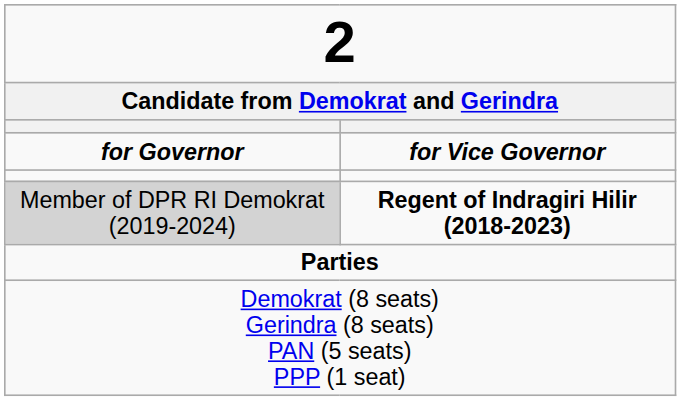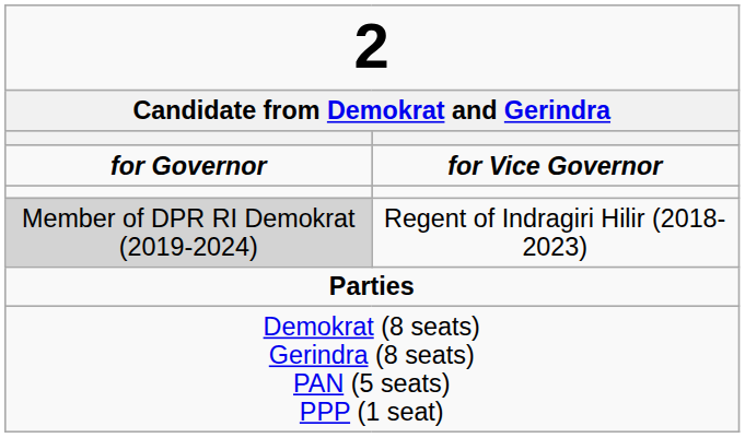 <table class="wikitable" style="font-size:90%; text-align:center;">
 <tr>
 <td colspan=2><big><big><big><big><big><strong>2</strong></big></big></big></big></big></td>
 </tr>
 <tr>
 <td colspan=2 style="background:#f1f1f1;"><strong>Candidate from <a href='#'>Demokrat</a> and <a href='#'>Gerindra</a></strong></td>
 </tr>
 <tr>
 <th style="width:3em; font-size:135%; background:#"></th>
 <th style="width:3em; font-size:135%; background:#"></th>
 </tr>
 <tr style="color:#000; font-size:100%; background:#">
 <td style="width:3em; width:200px;"><strong><em>for Governor</em></strong></td>
 <td style="width:3em; width:200px;"><strong><em>for Vice Governor</em></strong></td>
 </tr>
 <tr>
 <td></td>
 <td></td>
 </tr>
 <tr>
 <td style="background: lightgrey;">Member of DPR RI Demokrat (2019-2024)</td>
-<td><strong>Regent of Indragiri Hilir (2018-2023)</strong></td>
+<td>Regent of Indragiri Hilir (2018-2023)</td>
 </tr>
 <tr>
 <td colspan=2 style="background:#"><strong>Parties</strong></td>
 </tr>
 <tr>
 <td colspan=2> <a href='#'>Demokrat</a> (8 seats)<br><a href='#'>Gerindra</a> (8 seats)<br><a href='#'>PAN</a> (5 seats)<br><a href='#'>PPP</a> (1 seat)</td>
 </tr>
 </table>
